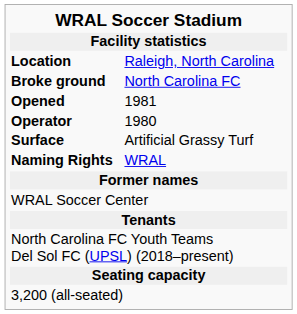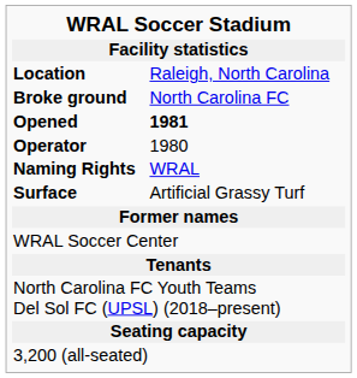 <table class="infobox" style="width: 20em;">
 <tr>
 <td colspan="2" style="text-align: center; font-size: larger;"><strong>WRAL Soccer Stadium</strong><br></td>
 </tr>
 <tr>
 <th style="background: #efefef;" colspan="2">Facility statistics</th>
 </tr>
 <tr>
 <td><strong>Location</strong></td>
 <td><a href='#'>Raleigh, North Carolina</a></td>
 </tr>
 <tr>
 <td><strong>Broke ground</strong></td>
 <td><a href='#'>North Carolina FC</a></td>
 </tr>
 <tr>
 <td><strong>Opened</strong></td>
-<td>1981<br> </td>
+<td><strong>1981<br> </strong></td>
 </tr>
 <tr>
 <td><strong>Operator</strong></td>
 <td>1980</td>
 </tr>
 <tr>
+<td><strong>Naming Rights</strong></td>
+<td><a href='#'>WRAL</a></td>
+</tr>
+<tr>
 <td><strong>Surface</strong></td>
 <td>Artificial Grassy Turf<br></td>
-</tr>
-<tr>
-<td><strong>Naming Rights</strong></td>
-<td><a href='#'>WRAL</a></td>
 </tr>
 <tr>
 <th style="background: #efefef;" colspan="2">Former names</th>
 </tr>
 <tr>
 <td colspan="2">WRAL Soccer Center</td>
 </tr>
 <tr>
 <th style="background: #efefef;" colspan="2">Tenants</th>
 </tr>
 <tr>
 <td colspan="2">North Carolina FC Youth Teams <br> Del Sol FC (<a href='#'>UPSL</a>) (2018–present)</td>
 </tr>
 <tr>
 <th style="background: #efefef;" colspan="2">Seating capacity</th>
 </tr>
 <tr>
 <td colspan="2">3,200 (all-seated)</td>
 </tr>
 </table>
